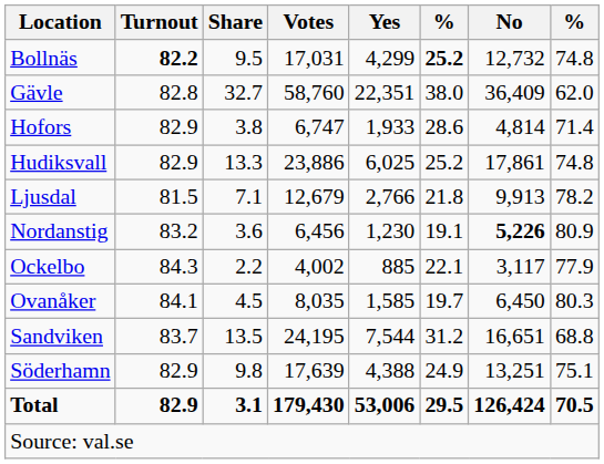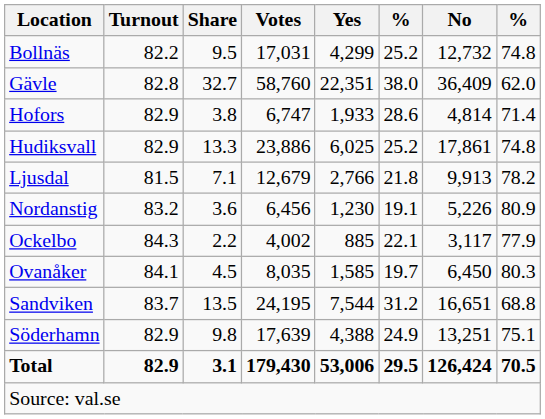 <table class="wikitable sortable" style=text-align:right>
 <tr>
 <th>Location</th>
 <th>Turnout</th>
 <th>Share</th>
 <th>Votes</th>
 <th>Yes</th>
 <th>%</th>
 <th>No</th>
 <th>%</th>
 </tr>
 <tr>
 <td align=left><a href='#'>Bollnäs</a></td>
-<td><strong>82.2</strong></td>
+<td>82.2</td>
 <td>9.5</td>
 <td>17,031</td>
 <td>4,299</td>
-<td><strong>25.2</strong></td>
+<td>25.2</td>
 <td>12,732</td>
 <td>74.8</td>
 </tr>
 <tr>
 <td align=left><a href='#'>Gävle</a></td>
 <td>82.8</td>
 <td>32.7</td>
 <td>58,760</td>
 <td>22,351</td>
 <td>38.0</td>
 <td>36,409</td>
 <td>62.0</td>
 </tr>
 <tr>
 <td align=left><a href='#'>Hofors</a></td>
 <td>82.9</td>
 <td>3.8</td>
 <td>6,747</td>
 <td>1,933</td>
 <td>28.6</td>
 <td>4,814</td>
 <td>71.4</td>
 </tr>
 <tr>
 <td align=left><a href='#'>Hudiksvall</a></td>
 <td>82.9</td>
 <td>13.3</td>
 <td>23,886</td>
 <td>6,025</td>
 <td>25.2</td>
 <td>17,861</td>
 <td>74.8</td>
 </tr>
 <tr>
 <td align=left><a href='#'>Ljusdal</a></td>
 <td>81.5</td>
 <td>7.1</td>
 <td>12,679</td>
 <td>2,766</td>
 <td>21.8</td>
 <td>9,913</td>
 <td>78.2</td>
 </tr>
 <tr>
 <td align=left><a href='#'>Nordanstig</a></td>
 <td>83.2</td>
 <td>3.6</td>
 <td>6,456</td>
 <td>1,230</td>
 <td>19.1</td>
-<td><strong>5,226</strong></td>
+<td>5,226</td>
 <td>80.9</td>
 </tr>
 <tr>
 <td align=left><a href='#'>Ockelbo</a></td>
 <td>84.3</td>
 <td>2.2</td>
 <td>4,002</td>
 <td>885</td>
 <td>22.1</td>
 <td>3,117</td>
 <td>77.9</td>
 </tr>
 <tr>
 <td align=left><a href='#'>Ovanåker</a></td>
 <td>84.1</td>
 <td>4.5</td>
 <td>8,035</td>
 <td>1,585</td>
 <td>19.7</td>
 <td>6,450</td>
 <td>80.3</td>
 </tr>
 <tr>
 <td align=left><a href='#'>Sandviken</a></td>
 <td>83.7</td>
 <td>13.5</td>
 <td>24,195</td>
 <td>7,544</td>
 <td>31.2</td>
 <td>16,651</td>
 <td>68.8</td>
 </tr>
 <tr>
 <td align=left><a href='#'>Söderhamn</a></td>
 <td>82.9</td>
 <td>9.8</td>
 <td>17,639</td>
 <td>4,388</td>
 <td>24.9</td>
 <td>13,251</td>
 <td>75.1</td>
 </tr>
 <tr>
 <td align=left><strong>Total</strong></td>
 <td><strong>82.9</strong></td>
 <td><strong>3.1</strong></td>
 <td><strong>179,430</strong></td>
 <td><strong>53,006</strong></td>
 <td><strong>29.5</strong></td>
 <td><strong>126,424</strong></td>
 <td><strong>70.5</strong></td>
 </tr>
 <tr>
 <td align=left colspan=8>Source: val.se </td>
 </tr>
 </table>
